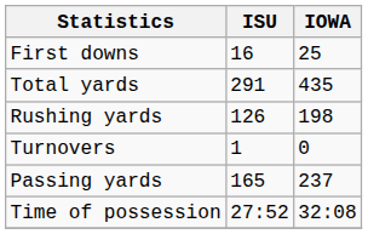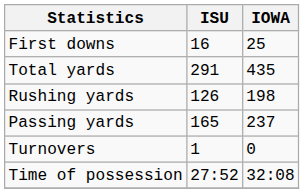 <table class="wikitable">
 <tr>
 <th>Statistics</th>
 <th>ISU</th>
 <th>IOWA</th>
 </tr>
 <tr>
 <td>First downs</td>
 <td>16</td>
 <td>25</td>
 </tr>
 <tr>
 <td>Total yards</td>
 <td>291</td>
 <td>435</td>
 </tr>
 <tr>
 <td>Rushing yards</td>
 <td>126</td>
 <td>198</td>
 </tr>
 <tr>
+<td>Passing yards</td>
+<td>165</td>
+<td>237</td>
+</tr>
+<tr>
 <td>Turnovers</td>
 <td>1</td>
 <td>0</td>
-</tr>
-<tr>
-<td>Passing yards</td>
-<td>165</td>
-<td>237</td>
 </tr>
 <tr>
 <td>Time of possession</td>
 <td>27:52</td>
 <td>32:08</td>
 </tr>
 <tr>
 </tr>
 </table>
